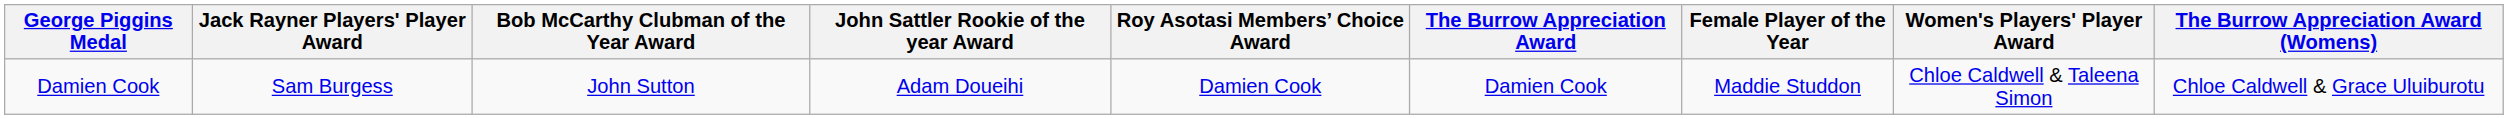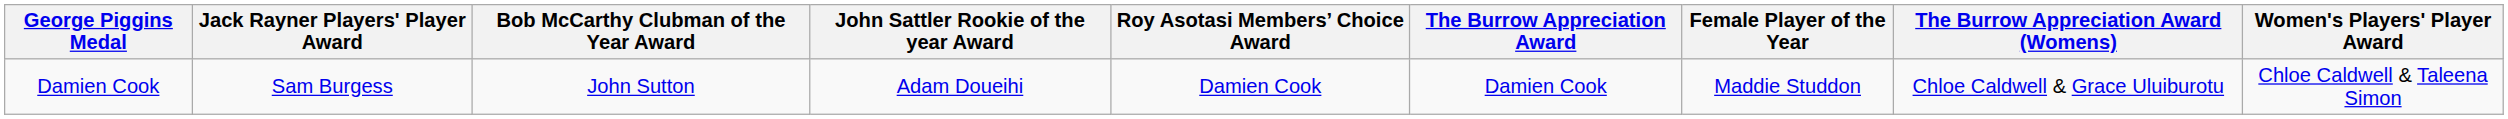 <table class="wikitable" style="text-align:center; width:100%;">
 <tr>
 <th><a href='#'>George Piggins Medal</a></th>
 <th>Jack Rayner Players' Player Award</th>
 <th>Bob McCarthy Clubman of the Year Award</th>
 <th>John Sattler Rookie of the year Award</th>
 <th>Roy Asotasi Members’ Choice Award</th>
 <th><a href='#'>The Burrow Appreciation Award</a></th>
 <th>Female Player of the Year</th>
+<th><a href='#'>The Burrow Appreciation Award (Womens)</a></th>
 <th>Women's Players' Player Award</th>
-<th><a href='#'>The Burrow Appreciation Award (Womens)</a></th>
 </tr>
 <tr>
 <td><a href='#'>Damien Cook</a></td>
 <td><a href='#'>Sam Burgess</a></td>
 <td><a href='#'>John Sutton</a></td>
 <td><a href='#'>Adam Doueihi</a></td>
 <td><a href='#'>Damien Cook</a></td>
 <td><a href='#'>Damien Cook</a></td>
 <td><a href='#'>Maddie Studdon</a></td>
+<td><a href='#'>Chloe Caldwell</a> & <a href='#'>Grace Uluiburotu</a></td>
 <td><a href='#'>Chloe Caldwell</a> & <a href='#'>Taleena Simon</a></td>
-<td><a href='#'>Chloe Caldwell</a> & <a href='#'>Grace Uluiburotu</a></td>
 </tr>
 </table>
